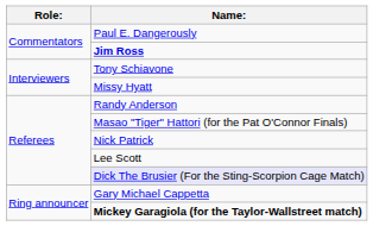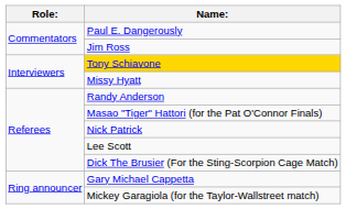 <table class=wikitable style="font-size:90%; margin: 0.5em 0 0.5em 1em; float: right; clear: right;">
 <tr>
 <th>Role:</th>
 <th>Name:</th>
 </tr>
 <tr>
 <td rowspan=2><a href='#'>Commentators</a></td>
 <td><a href='#'>Paul E. Dangerously</a></td>
 </tr>
 <tr>
-<td><strong><a href='#'>Jim Ross</a></strong></td>
+<td><a href='#'>Jim Ross</a></td>
 </tr>
 <tr>
 <td rowspan=2><a href='#'>Interviewers</a></td>
-<td><a href='#'>Tony Schiavone</a></td>
+<td style="background: gold;"><a href='#'>Tony Schiavone</a></td>
 </tr>
 <tr>
 <td><a href='#'>Missy Hyatt</a></td>
 </tr>
 <tr>
 <td rowspan=5><a href='#'>Referees</a></td>
 <td><a href='#'>Randy Anderson</a></td>
 </tr>
 <tr>
 <td><a href='#'>Masao "Tiger" Hattori</a> (for the Pat O'Connor Finals)</td>
 </tr>
 <tr>
 <td><a href='#'>Nick Patrick</a></td>
 </tr>
 <tr>
 <td>Lee Scott</td>
 </tr>
 <tr>
-<td style="background: lavender;"><a href='#'>Dick The Brusier</a> (For the Sting-Scorpion Cage Match)</td>
+<td><a href='#'>Dick The Brusier</a> (For the Sting-Scorpion Cage Match)</td>
 </tr>
 <tr>
 <td rowspan=2><a href='#'>Ring announcer</a></td>
 <td><a href='#'>Gary Michael Cappetta</a></td>
 </tr>
 <tr>
-<td><strong>Mickey Garagiola (for the Taylor-Wallstreet match)</strong></td>
+<td>Mickey Garagiola (for the Taylor-Wallstreet match)</td>
 </tr>
 </table>
